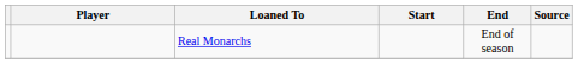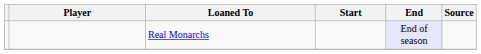 <table class="wikitable plainrowheaders sortable" style="font-size:95%">
 <tr>
 <th></th>
 <th scope="col" style="width:200px;">Player</th>
 <th scope="col" style="width:250px;">Loaned To</th>
 <th scope="col" style="width:100px;">Start</th>
 <th scope="col" style="width:78px;">End</th>
 <th>Source</th>
 </tr>
 <tr>
 <td align=center></td>
 <td></td>
 <td> <a href='#'>Real Monarchs</a></td>
 <td align=center></td>
-<td align=center>End of season</td>
+<td align=center style="background: lavender;">End of season</td>
 <td align=center></td>
 </tr>
 <tr>
 </tr>
 </table>
